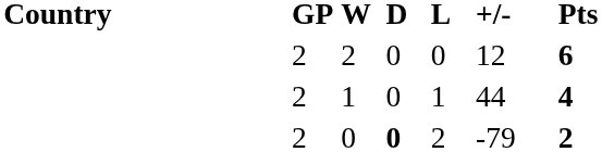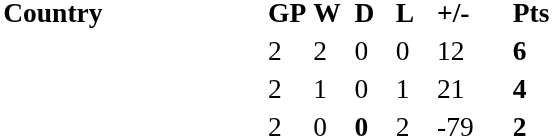 <table>
 <tr ---->
 <td width="150"><strong>Country</strong></td>
 <td width="20"><strong>GP</strong></td>
 <td width="20"><strong>W</strong></td>
 <td width="20"><strong>D</strong></td>
 <td width="20"><strong>L</strong></td>
 <td width="40"><strong>+/-</strong></td>
 <td width="20"><strong>Pts</strong></td>
 </tr>
 <tr ---->
 <td></td>
 <td>2</td>
 <td>2</td>
 <td>0</td>
 <td>0</td>
 <td>12</td>
 <td><strong>6</strong></td>
 </tr>
 <tr ---->
 <td></td>
 <td>2</td>
 <td>1</td>
 <td>0</td>
 <td>1</td>
-<td>44</td>
+<td>21</td>
 <td><strong>4</strong></td>
 </tr>
 <tr ---->
 <td></td>
 <td>2</td>
 <td>0</td>
 <td><strong>0</strong></td>
 <td>2</td>
 <td>-79</td>
 <td><strong>2</strong></td>
 </tr>
 </table>
